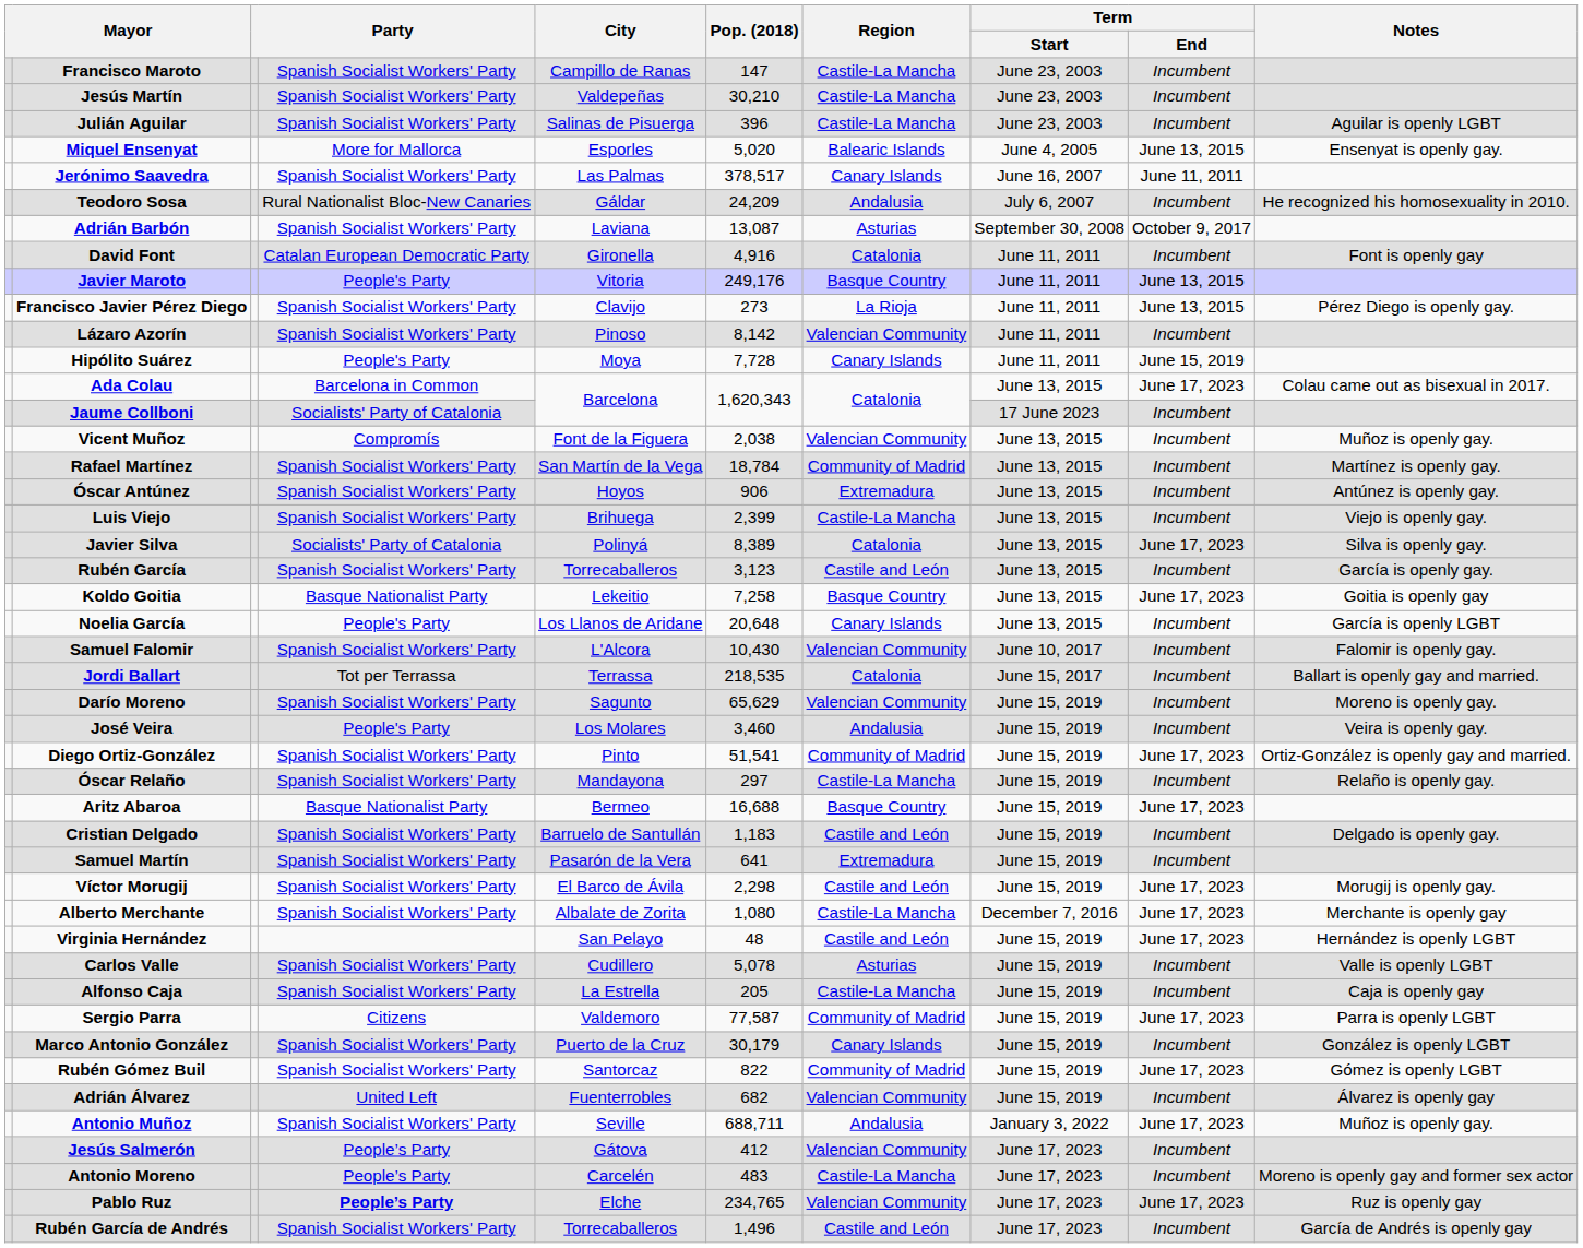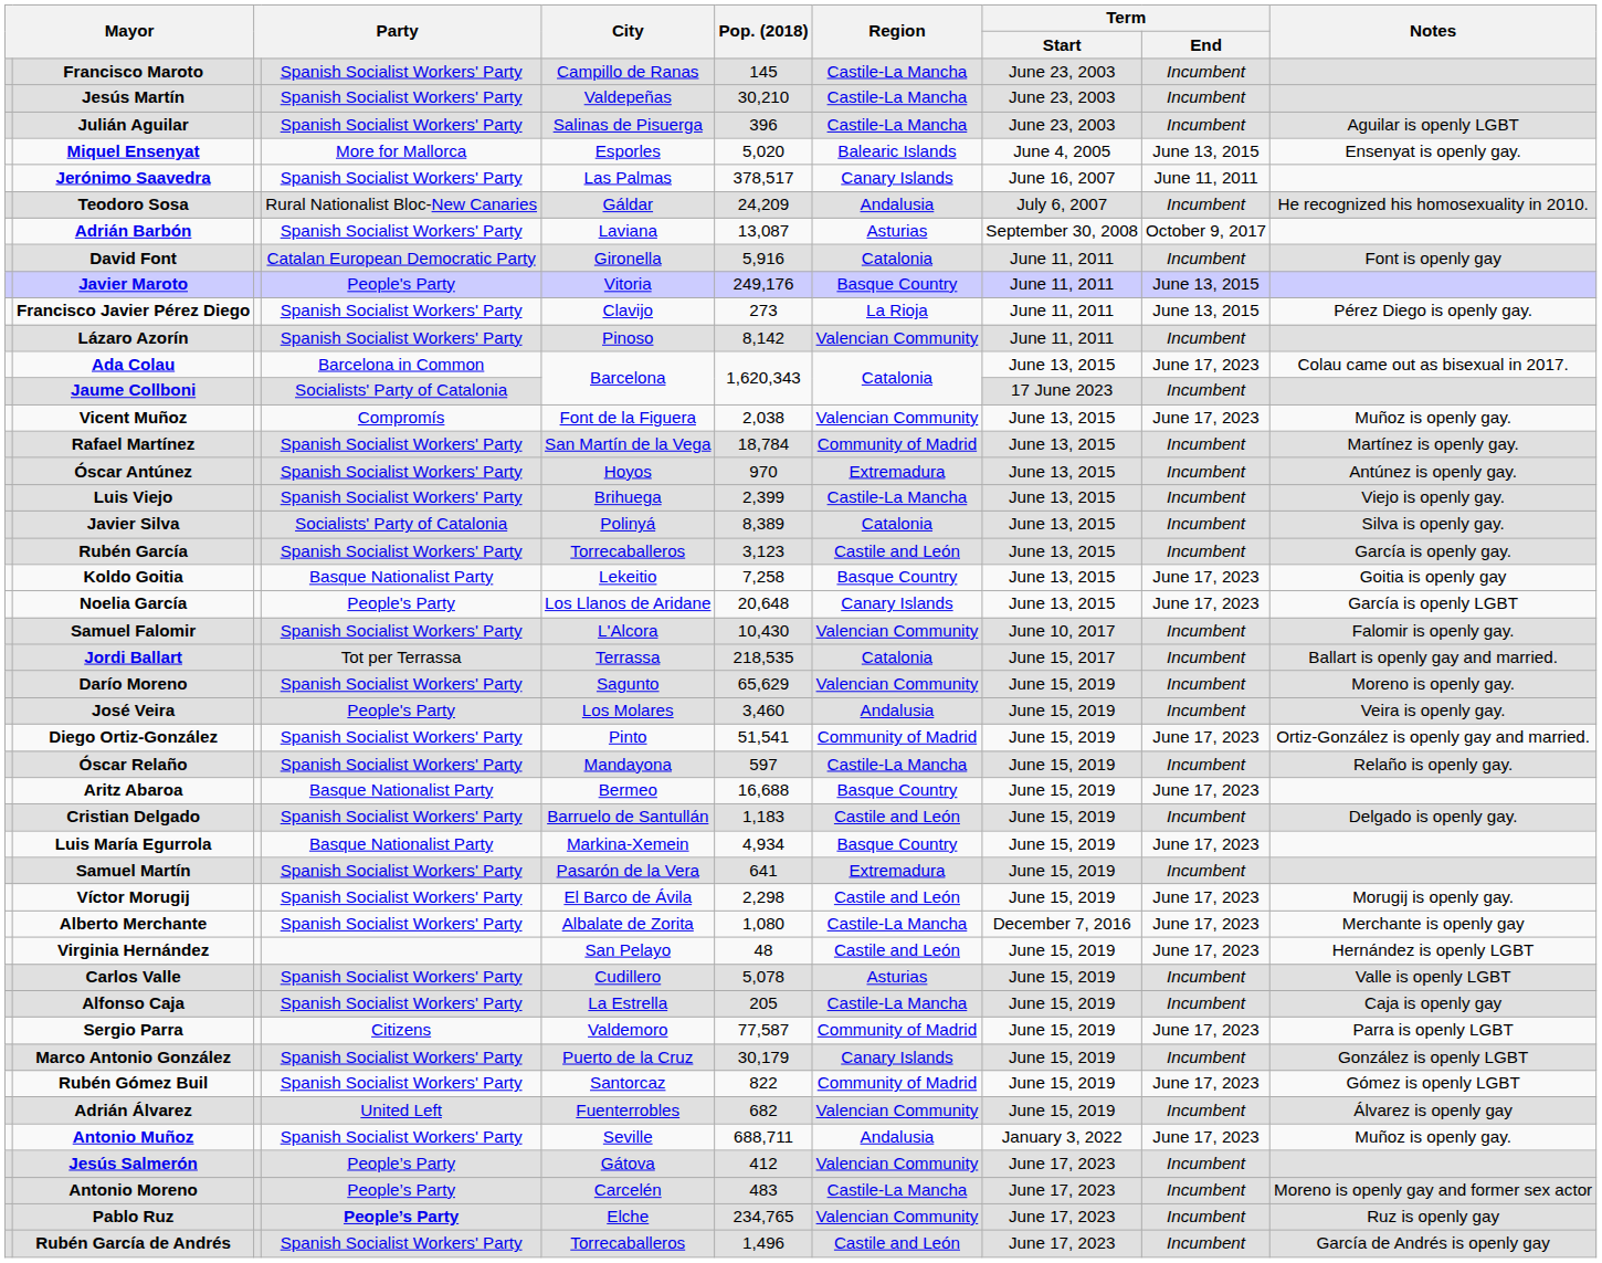 <table class="wikitable sortable" style="text-align:center">
 <tr>
 <th colspan="2" rowspan="2">Mayor</th>
 <th colspan="2" rowspan="2">Party</th>
 <th rowspan="2">City</th>
 <th rowspan="2">Pop. (2018)</th>
 <th rowspan="2">Region</th>
 <th colspan="2">Term</th>
 <th rowspan="2">Notes</th>
 </tr>
 <tr>
 <th>Start</th>
 <th>End</th>
 </tr>
 <tr style="background:#e0e0e0">
 <td></td>
 <td><strong>Francisco Maroto</strong></td>
 <td style="background-color:"></td>
 <td><a href='#'>Spanish Socialist Workers' Party</a></td>
 <td><a href='#'>Campillo de Ranas</a></td>
-<td>147</td>
+<td>145</td>
 <td><a href='#'>Castile-La Mancha</a></td>
 <td>June 23, 2003</td>
 <td><em>Incumbent</em></td>
 <td></td>
 </tr>
 <tr style="background:#e0e0e0">
 <td></td>
 <td><strong>Jesús Martín</strong></td>
 <td style="background-color:"></td>
 <td><a href='#'>Spanish Socialist Workers' Party</a></td>
 <td><a href='#'>Valdepeñas</a></td>
 <td>30,210</td>
 <td><a href='#'>Castile-La Mancha</a></td>
 <td>June 23, 2003</td>
 <td><em>Incumbent</em></td>
 <td></td>
 </tr>
 <tr style="background:#e0e0e0">
 <td></td>
 <td><strong>Julián Aguilar</strong></td>
 <td style="background-color:"></td>
 <td><a href='#'>Spanish Socialist Workers' Party</a></td>
 <td><a href='#'>Salinas de Pisuerga</a></td>
 <td>396</td>
 <td><a href='#'>Castile-La Mancha</a></td>
 <td>June 23, 2003</td>
 <td><em>Incumbent</em></td>
 <td>Aguilar is openly LGBT</td>
 </tr>
 <tr>
 <td></td>
 <td><strong><a href='#'>Miquel Ensenyat</a></strong></td>
 <td style="background-color:"></td>
 <td><a href='#'>More for Mallorca</a></td>
 <td><a href='#'>Esporles</a></td>
 <td>5,020</td>
 <td><a href='#'>Balearic Islands</a></td>
 <td>June 4, 2005</td>
 <td>June 13, 2015</td>
 <td>Ensenyat is openly gay.</td>
 </tr>
 <tr>
 <td></td>
 <td><strong><a href='#'>Jerónimo Saavedra</a></strong></td>
 <td style="background-color:"></td>
 <td><a href='#'>Spanish Socialist Workers' Party</a></td>
 <td><a href='#'>Las Palmas</a></td>
 <td>378,517</td>
 <td><a href='#'>Canary Islands</a></td>
 <td>June 16, 2007</td>
 <td>June 11, 2011</td>
 <td></td>
 </tr>
 <tr style="background:#e0e0e0">
 <td></td>
 <td><strong>Teodoro Sosa</strong></td>
 <td style="background-color:"></td>
 <td>Rural Nationalist Bloc-<a href='#'>New Canaries</a></td>
 <td><a href='#'>Gáldar</a></td>
 <td>24,209</td>
 <td><a href='#'>Andalusia</a></td>
 <td>July 6, 2007</td>
 <td><em>Incumbent</em></td>
 <td>He recognized his homosexuality in 2010.</td>
 </tr>
 <tr>
 <td></td>
 <td><strong><a href='#'>Adrián Barbón</a></strong></td>
 <td style="background-color:"></td>
 <td><a href='#'>Spanish Socialist Workers' Party</a></td>
 <td><a href='#'>Laviana</a></td>
 <td>13,087</td>
 <td><a href='#'>Asturias</a></td>
 <td>September 30, 2008</td>
 <td>October 9, 2017</td>
 <td></td>
 </tr>
 <tr style="background:#e0e0e0">
 <td></td>
 <td><strong>David Font</strong></td>
 <td style="background-color:"></td>
 <td><a href='#'>Catalan European Democratic Party</a></td>
 <td><a href='#'>Gironella</a></td>
-<td>4,916</td>
+<td>5,916</td>
 <td><a href='#'>Catalonia</a></td>
 <td>June 11, 2011</td>
 <td><em>Incumbent</em></td>
 <td>Font is openly gay</td>
 </tr>
 <tr style="background:#CCF">
 <td></td>
 <td><strong><a href='#'>Javier Maroto</a></strong></td>
 <td style="background-color:"></td>
 <td><a href='#'>People's Party</a></td>
 <td><a href='#'>Vitoria</a></td>
 <td>249,176</td>
 <td><a href='#'>Basque Country</a></td>
 <td>June 11, 2011</td>
 <td>June 13, 2015</td>
 <td></td>
 </tr>
 <tr>
 <td></td>
 <td><strong>Francisco Javier Pérez Diego</strong></td>
 <td style="background-color:"></td>
 <td><a href='#'>Spanish Socialist Workers' Party</a></td>
 <td><a href='#'>Clavijo</a></td>
 <td>273</td>
 <td><a href='#'>La Rioja</a></td>
 <td>June 11, 2011</td>
 <td>June 13, 2015</td>
 <td>Pérez Diego is openly gay.</td>
 </tr>
 <tr style="background:#e0e0e0">
 <td></td>
 <td><strong>Lázaro Azorín</strong></td>
 <td style="background-color:"></td>
 <td><a href='#'>Spanish Socialist Workers' Party</a></td>
 <td><a href='#'>Pinoso</a></td>
 <td>8,142</td>
 <td><a href='#'>Valencian Community</a></td>
 <td>June 11, 2011</td>
 <td><em>Incumbent</em></td>
 <td></td>
 </tr>
 <tr>
 <td></td>
-<td><strong>Hipólito Suárez</strong></td>
-<td style="background-color:"></td>
-<td><a href='#'>People's Party</a></td>
-<td><a href='#'>Moya</a></td>
-<td>7,728</td>
-<td><a href='#'>Canary Islands</a></td>
-<td>June 11, 2011</td>
-<td>June 15, 2019</td>
-<td></td>
-</tr>
-<tr>
-<td></td>
 <td><strong><a href='#'>Ada Colau</a></strong></td>
 <td style="background-color:"></td>
 <td><a href='#'>Barcelona in Common</a></td>
 <td rowspan="2"><a href='#'>Barcelona</a></td>
 <td rowspan="2">1,620,343</td>
 <td rowspan="2"><a href='#'>Catalonia</a></td>
 <td>June 13, 2015</td>
 <td>June 17, 2023</td>
 <td>Colau came out as bisexual in 2017.</td>
 </tr>
 <tr style="background:#e0e0e0">
 <td></td>
 <td><strong><a href='#'>Jaume Collboni</a></strong></td>
 <td style="background-color:"></td>
 <td><a href='#'>Socialists' Party of Catalonia</a></td>
 <td>17 June 2023</td>
 <td><em>Incumbent</em></td>
 <td></td>
 </tr>
 <tr>
 <td></td>
 <td><strong>Vicent Muñoz</strong></td>
 <td style="background-color:"></td>
 <td><a href='#'>Compromís</a></td>
 <td><a href='#'>Font de la Figuera</a></td>
 <td>2,038</td>
 <td><a href='#'>Valencian Community</a></td>
 <td>June 13, 2015</td>
-<td><em>Incumbent</em></td>
+<td>June 17, 2023</td>
 <td>Muñoz is openly gay.</td>
 </tr>
 <tr style="background:#e0e0e0">
 <td></td>
 <td><strong>Rafael Martínez</strong></td>
 <td style="background-color:"></td>
 <td><a href='#'>Spanish Socialist Workers' Party</a></td>
 <td><a href='#'>San Martín de la Vega</a></td>
 <td>18,784</td>
 <td><a href='#'>Community of Madrid</a></td>
 <td>June 13, 2015</td>
 <td><em>Incumbent</em></td>
 <td>Martínez is openly gay.</td>
 </tr>
 <tr style="background:#e0e0e0">
 <td></td>
 <td><strong>Óscar Antúnez</strong></td>
 <td style="background-color:"></td>
 <td><a href='#'>Spanish Socialist Workers' Party</a></td>
 <td><a href='#'>Hoyos</a></td>
-<td>906</td>
+<td>970</td>
 <td><a href='#'>Extremadura</a></td>
 <td>June 13, 2015</td>
 <td><em>Incumbent</em></td>
 <td>Antúnez is openly gay.</td>
 </tr>
 <tr style="background:#e0e0e0">
 <td></td>
 <td><strong>Luis Viejo</strong></td>
 <td style="background-color:"></td>
 <td><a href='#'>Spanish Socialist Workers' Party</a></td>
 <td><a href='#'>Brihuega</a></td>
 <td>2,399</td>
 <td><a href='#'>Castile-La Mancha</a></td>
 <td>June 13, 2015</td>
 <td><em>Incumbent</em></td>
 <td>Viejo is openly gay.</td>
 </tr>
 <tr style="background:#e0e0e0">
 <td></td>
 <td><strong>Javier Silva</strong></td>
 <td style="background-color:"></td>
 <td><a href='#'>Socialists' Party of Catalonia</a></td>
 <td><a href='#'>Polinyá</a></td>
 <td>8,389</td>
 <td><a href='#'>Catalonia</a></td>
 <td>June 13, 2015</td>
-<td>June 17, 2023</td>
+<td><em>Incumbent</em></td>
 <td>Silva is openly gay.</td>
 </tr>
 <tr style="background:#e0e0e0">
 <td></td>
 <td><strong>Rubén García</strong></td>
 <td style="background-color:"></td>
 <td><a href='#'>Spanish Socialist Workers' Party</a></td>
 <td><a href='#'>Torrecaballeros</a></td>
 <td>3,123</td>
 <td><a href='#'>Castile and León</a></td>
 <td>June 13, 2015</td>
 <td><em>Incumbent</em></td>
 <td>García is openly gay.</td>
 </tr>
 <tr>
 <td></td>
 <td><strong>Koldo Goitia</strong></td>
 <td style="background-color:"></td>
 <td><a href='#'>Basque Nationalist Party</a></td>
 <td><a href='#'>Lekeitio</a></td>
 <td>7,258</td>
 <td><a href='#'>Basque Country</a></td>
 <td>June 13, 2015</td>
 <td>June 17, 2023</td>
 <td>Goitia is openly gay</td>
 </tr>
 <tr>
 <td></td>
 <td><strong>Noelia García</strong></td>
 <td style="background-color:"></td>
 <td><a href='#'>People's Party</a></td>
 <td><a href='#'>Los Llanos de Aridane</a></td>
 <td>20,648</td>
 <td><a href='#'>Canary Islands</a></td>
 <td>June 13, 2015</td>
-<td><em>Incumbent</em></td>
+<td>June 17, 2023</td>
 <td>García is openly LGBT</td>
 </tr>
 <tr style="background:#e0e0e0">
 <td></td>
 <td><strong>Samuel Falomir</strong></td>
 <td style="background-color:"></td>
 <td><a href='#'>Spanish Socialist Workers' Party</a></td>
 <td><a href='#'>L'Alcora</a></td>
 <td>10,430</td>
 <td><a href='#'>Valencian Community</a></td>
 <td>June 10, 2017</td>
 <td><em>Incumbent</em></td>
 <td>Falomir is openly gay.</td>
 </tr>
 <tr style="background:#e0e0e0">
 <td></td>
 <td><strong><a href='#'>Jordi Ballart</a></strong></td>
 <td style="background-color:"></td>
 <td>Tot per Terrassa</td>
 <td><a href='#'>Terrassa</a></td>
 <td>218,535</td>
 <td><a href='#'>Catalonia</a></td>
 <td>June 15, 2017</td>
 <td><em>Incumbent</em></td>
 <td>Ballart is openly gay and married.</td>
 </tr>
 <tr style="background:#e0e0e0">
 <td></td>
 <td><strong>Darío Moreno</strong></td>
 <td style="background-color:"></td>
 <td><a href='#'>Spanish Socialist Workers' Party</a></td>
 <td><a href='#'>Sagunto</a></td>
 <td>65,629</td>
 <td><a href='#'>Valencian Community</a></td>
 <td>June 15, 2019</td>
 <td><em>Incumbent</em></td>
 <td>Moreno is openly gay.</td>
 </tr>
 <tr style="background:#e0e0e0">
 <td></td>
 <td><strong>José Veira</strong></td>
 <td style="background-color:"></td>
 <td><a href='#'>People's Party</a></td>
 <td><a href='#'>Los Molares</a></td>
 <td>3,460</td>
 <td><a href='#'>Andalusia</a></td>
 <td>June 15, 2019</td>
 <td><em>Incumbent</em></td>
 <td>Veira is openly gay.</td>
 </tr>
 <tr>
 <td></td>
 <td><strong>Diego Ortiz-González</strong></td>
 <td style="background-color:"></td>
 <td><a href='#'>Spanish Socialist Workers' Party</a></td>
 <td><a href='#'>Pinto</a></td>
 <td>51,541</td>
 <td><a href='#'>Community of Madrid</a></td>
 <td>June 15, 2019</td>
 <td>June 17, 2023</td>
 <td>Ortiz-González is openly gay and married.</td>
 </tr>
 <tr style="background:#e0e0e0">
 <td></td>
 <td><strong>Óscar Relaño</strong></td>
 <td style="background-color:"></td>
 <td><a href='#'>Spanish Socialist Workers' Party</a></td>
 <td><a href='#'>Mandayona</a></td>
-<td>297</td>
+<td>597</td>
 <td><a href='#'>Castile-La Mancha</a></td>
 <td>June 15, 2019</td>
 <td><em>Incumbent</em></td>
 <td>Relaño is openly gay.</td>
 </tr>
 <tr>
 <td></td>
 <td><strong>Aritz Abaroa</strong></td>
 <td style="background-color:"></td>
 <td><a href='#'>Basque Nationalist Party</a></td>
 <td><a href='#'>Bermeo</a></td>
 <td>16,688</td>
 <td><a href='#'>Basque Country</a></td>
 <td>June 15, 2019</td>
 <td>June 17, 2023</td>
 <td></td>
 </tr>
 <tr style="background:#e0e0e0">
 <td></td>
 <td><strong>Cristian Delgado</strong></td>
 <td style="background-color:"></td>
 <td><a href='#'>Spanish Socialist Workers' Party</a></td>
 <td><a href='#'>Barruelo de Santullán</a></td>
 <td>1,183</td>
 <td><a href='#'>Castile and León</a></td>
 <td>June 15, 2019</td>
 <td><em>Incumbent</em></td>
 <td>Delgado is openly gay.</td>
+</tr>
+<tr>
+<td></td>
+<td><strong>Luis María Egurrola</strong></td>
+<td style="background-color:"></td>
+<td><a href='#'>Basque Nationalist Party</a></td>
+<td><a href='#'>Markina-Xemein</a></td>
+<td>4,934</td>
+<td><a href='#'>Basque Country</a></td>
+<td>June 15, 2019</td>
+<td>June 17, 2023</td>
+<td></td>
 </tr>
 <tr style="background:#e0e0e0">
 <td></td>
 <td><strong>Samuel Martín</strong></td>
 <td style="background-color:"></td>
 <td><a href='#'>Spanish Socialist Workers' Party</a></td>
 <td><a href='#'>Pasarón de la Vera</a></td>
 <td>641</td>
 <td><a href='#'>Extremadura</a></td>
 <td>June 15, 2019</td>
 <td><em>Incumbent</em></td>
 <td></td>
 </tr>
 <tr>
 <td></td>
 <td><strong>Víctor Morugij</strong></td>
 <td style="background-color:"></td>
 <td><a href='#'>Spanish Socialist Workers' Party</a></td>
 <td><a href='#'>El Barco de Ávila</a></td>
 <td>2,298</td>
 <td><a href='#'>Castile and León</a></td>
 <td>June 15, 2019</td>
 <td>June 17, 2023</td>
 <td>Morugij is openly gay.</td>
 </tr>
 <tr>
 <td></td>
 <td><strong>Alberto Merchante</strong></td>
 <td style="background-color:"></td>
 <td><a href='#'>Spanish Socialist Workers' Party</a></td>
 <td><a href='#'>Albalate de Zorita</a></td>
 <td>1,080</td>
 <td><a href='#'>Castile-La Mancha</a></td>
 <td>December 7, 2016</td>
 <td>June 17, 2023</td>
 <td>Merchante is openly gay</td>
 </tr>
 <tr>
 <td></td>
 <td><strong>Virginia Hernández</strong></td>
 <td style="background-color:"></td>
 <td></td>
 <td><a href='#'>San Pelayo</a></td>
 <td>48</td>
 <td><a href='#'>Castile and León</a></td>
 <td>June 15, 2019</td>
 <td>June 17, 2023</td>
 <td>Hernández is openly LGBT</td>
 </tr>
 <tr style="background:#e0e0e0">
 <td></td>
 <td><strong>Carlos Valle</strong></td>
 <td style="background-color:"></td>
 <td><a href='#'>Spanish Socialist Workers' Party</a></td>
 <td><a href='#'>Cudillero</a></td>
 <td>5,078</td>
 <td><a href='#'>Asturias</a></td>
 <td>June 15, 2019</td>
 <td><em>Incumbent</em></td>
 <td>Valle is openly LGBT</td>
 </tr>
 <tr style="background:#e0e0e0">
 <td></td>
 <td><strong>Alfonso Caja</strong></td>
 <td style="background-color:"></td>
 <td><a href='#'>Spanish Socialist Workers' Party</a></td>
 <td><a href='#'>La Estrella</a></td>
 <td>205</td>
 <td><a href='#'>Castile-La Mancha</a></td>
 <td>June 15, 2019</td>
 <td><em>Incumbent</em></td>
 <td>Caja is openly gay</td>
 </tr>
 <tr>
 <td></td>
 <td><strong>Sergio Parra</strong></td>
 <td style="background-color:"></td>
 <td><a href='#'>Citizens</a></td>
 <td><a href='#'>Valdemoro</a></td>
 <td>77,587</td>
 <td><a href='#'>Community of Madrid</a></td>
 <td>June 15, 2019</td>
 <td>June 17, 2023</td>
 <td>Parra is openly LGBT</td>
 </tr>
 <tr style="background:#e0e0e0">
 <td></td>
 <td><strong>Marco Antonio González</strong></td>
 <td style="background-color:"></td>
 <td><a href='#'>Spanish Socialist Workers' Party</a></td>
 <td><a href='#'>Puerto de la Cruz</a></td>
 <td>30,179</td>
 <td><a href='#'>Canary Islands</a></td>
 <td>June 15, 2019</td>
 <td><em>Incumbent</em></td>
 <td>González is openly LGBT</td>
 </tr>
 <tr>
 <td></td>
 <td><strong>Rubén Gómez Buil</strong></td>
 <td style="background-color:"></td>
 <td><a href='#'>Spanish Socialist Workers' Party</a></td>
 <td><a href='#'>Santorcaz</a></td>
 <td>822</td>
 <td><a href='#'>Community of Madrid</a></td>
 <td>June 15, 2019</td>
 <td>June 17, 2023</td>
 <td>Gómez is openly LGBT</td>
 </tr>
 <tr style="background:#e0e0e0">
 <td></td>
 <td><strong>Adrián Álvarez</strong></td>
 <td style="background-color:"></td>
 <td><a href='#'>United Left</a></td>
 <td><a href='#'>Fuenterrobles</a></td>
 <td>682</td>
 <td><a href='#'>Valencian Community</a></td>
 <td>June 15, 2019</td>
 <td><em>Incumbent</em></td>
 <td>Álvarez is openly gay</td>
 </tr>
 <tr>
 <td></td>
 <td><strong><a href='#'>Antonio Muñoz</a></strong></td>
 <td style="background-color:"></td>
 <td><a href='#'>Spanish Socialist Workers' Party</a></td>
 <td><a href='#'>Seville</a></td>
 <td>688,711</td>
 <td><a href='#'>Andalusia</a></td>
 <td>January 3, 2022</td>
 <td>June 17, 2023</td>
 <td>Muñoz is openly gay.</td>
 </tr>
 <tr style="background:#e0e0e0">
 <td></td>
 <td><strong><a href='#'>Jesús Salmerón</a></strong></td>
 <td style="background-color:"></td>
 <td><a href='#'>People’s Party</a></td>
 <td><a href='#'>Gátova</a></td>
 <td>412</td>
 <td><a href='#'>Valencian Community</a></td>
 <td>June 17, 2023</td>
 <td><em>Incumbent</em></td>
 <td></td>
 </tr>
 <tr style="background:#e0e0e0">
 <td></td>
 <td><strong>Antonio Moreno</strong></td>
 <td style="background-color:"></td>
 <td><a href='#'>People’s Party</a></td>
 <td><a href='#'>Carcelén</a></td>
 <td>483</td>
 <td><a href='#'>Castile-La Mancha</a></td>
 <td>June 17, 2023</td>
 <td><em>Incumbent</em></td>
 <td>Moreno is openly gay and former sex actor</td>
 </tr>
 <tr style="background:#e0e0e0">
 <td></td>
 <td><strong>Pablo Ruz</strong></td>
 <td style="background-color:"></td>
 <td><strong><a href='#'>People’s Party</a></strong></td>
 <td><a href='#'>Elche</a></td>
 <td>234,765</td>
 <td><a href='#'>Valencian Community</a></td>
 <td>June 17, 2023</td>
-<td>June 17, 2023</td>
+<td><em>Incumbent</em></td>
 <td>Ruz is openly gay</td>
 </tr>
 <tr style="background:#e0e0e0">
 <td></td>
 <td><strong>Rubén García de Andrés</strong></td>
 <td style="background-color:"></td>
 <td><a href='#'>Spanish Socialist Workers' Party</a></td>
 <td><a href='#'>Torrecaballeros</a></td>
 <td>1,496</td>
 <td><a href='#'>Castile and León</a></td>
 <td>June 17, 2023</td>
 <td><em>Incumbent</em></td>
 <td>García de Andrés is openly gay</td>
 </tr>
 </table>
